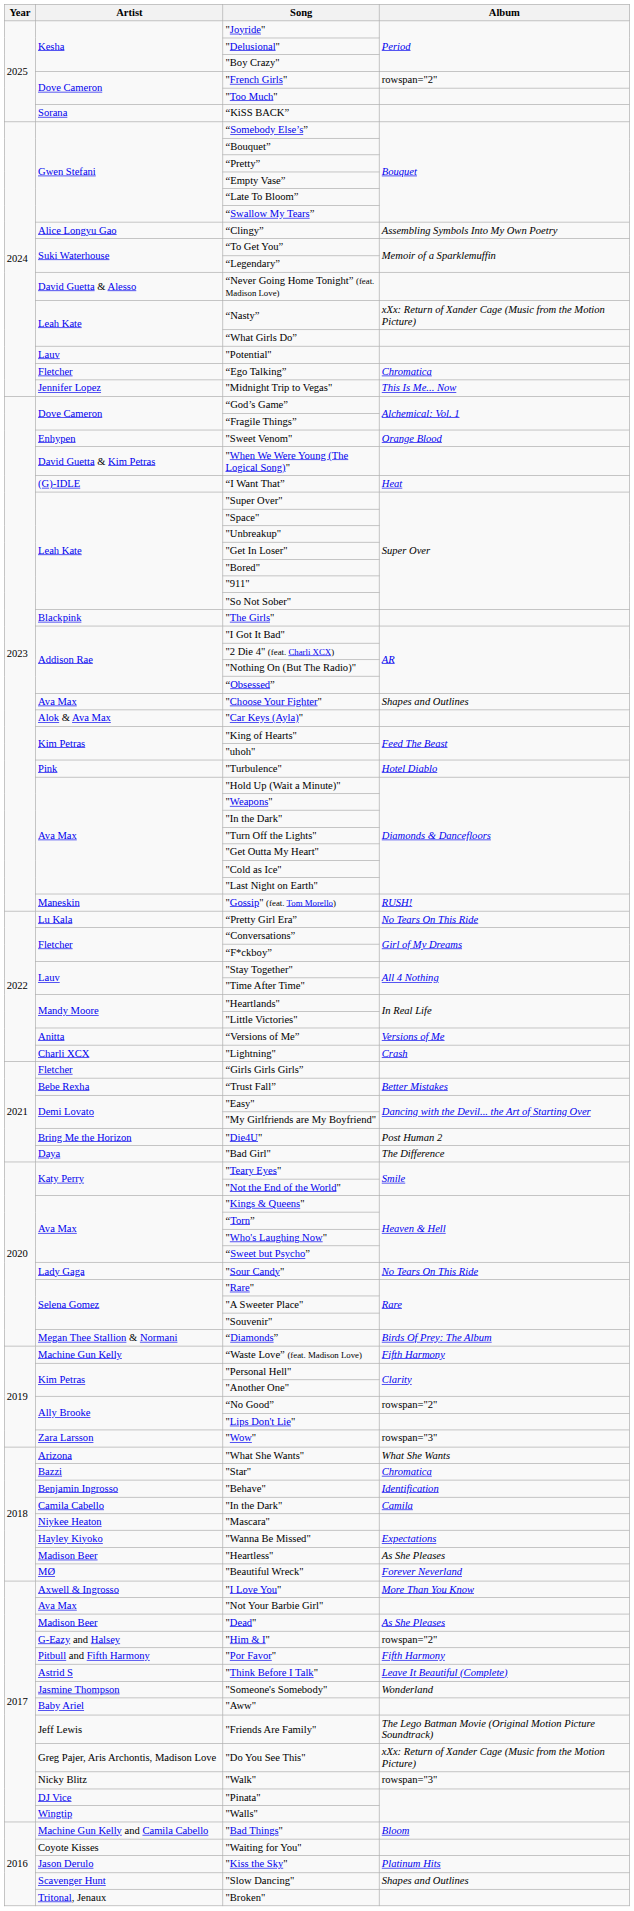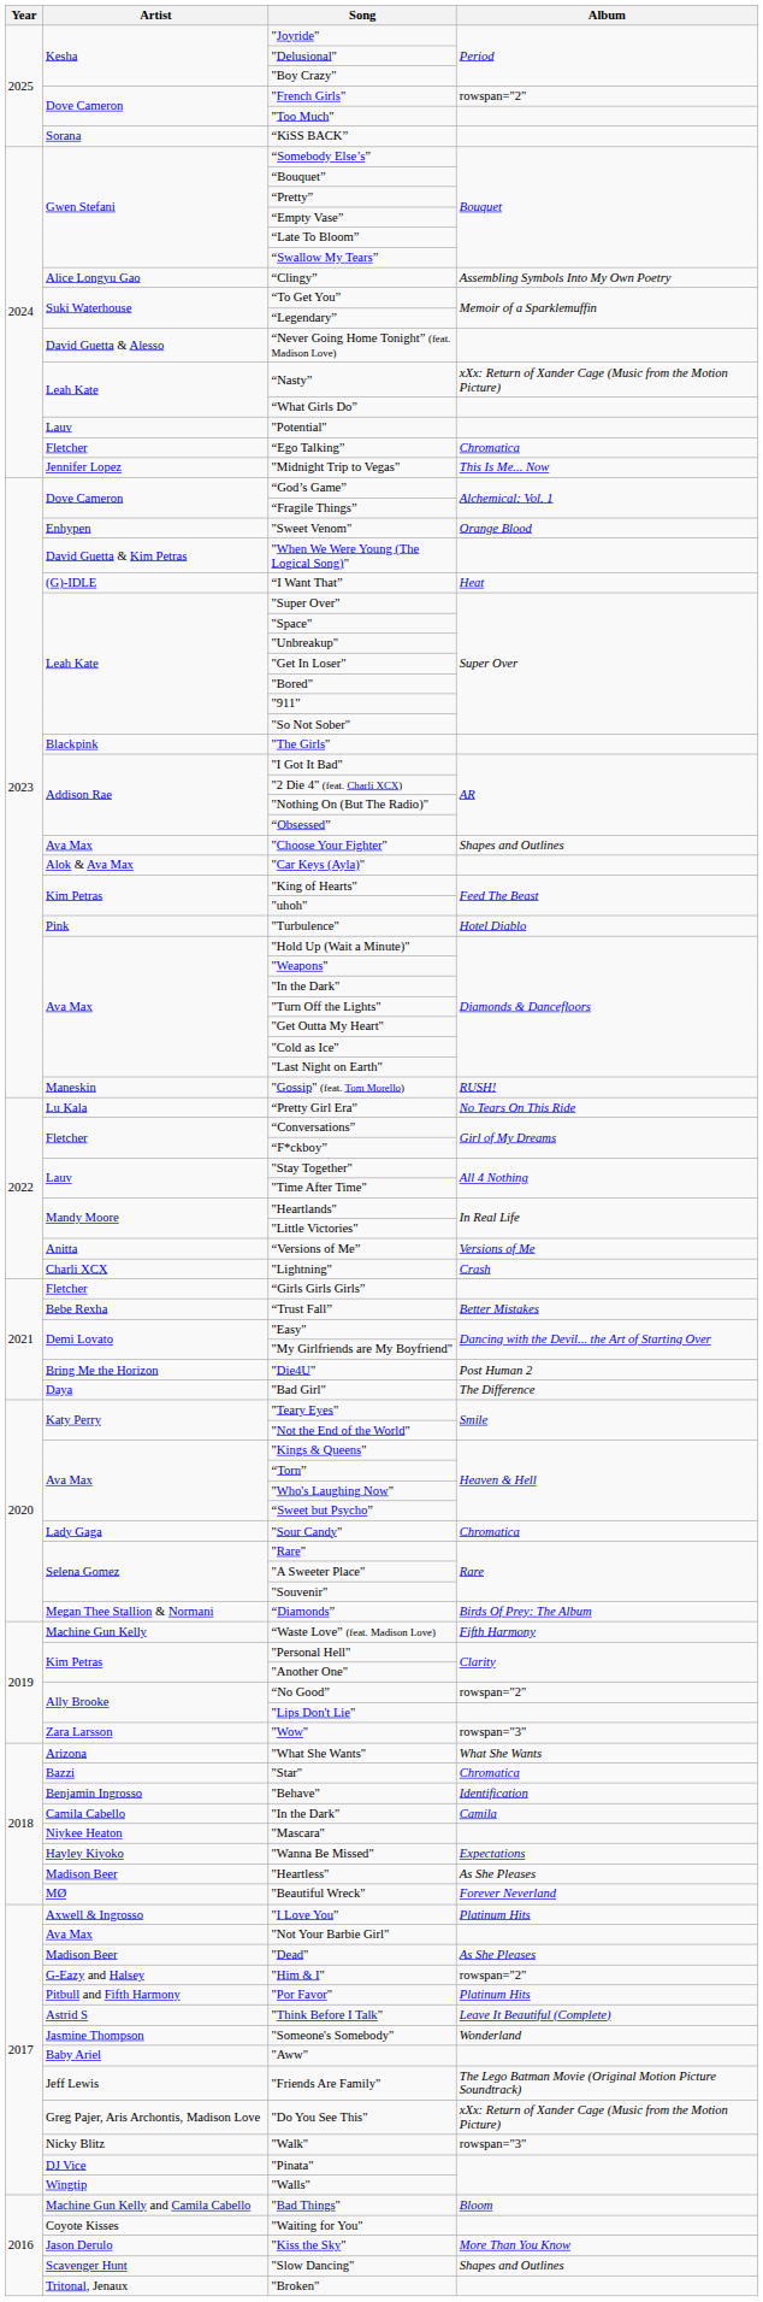 <table style="width: 75%;" class="wikitable">
 <tr>
 <th style=width:5%>Year</th>
 <th style=width:30%>Artist</th>
 <th style=width:25%>Song</th>
 <th style=width:40%>Album</th>
 </tr>
 <tr>
 <td rowspan="6">2025</td>
 <td rowspan="3"><a href='#'>Kesha</a></td>
 <td>"<a href='#'>Joyride</a>"</td>
 <td rowspan="3"><em><a href='#'>Period</a></em></td>
 </tr>
 <tr>
 <td>"<a href='#'>Delusional</a>"</td>
 </tr>
 <tr>
 <td>"Boy Crazy"</td>
 </tr>
 <tr>
 <td rowspan="2"><a href='#'>Dove Cameron</a></td>
 <td>"<a href='#'>French Girls</a>"</td>
 <td>rowspan="2" </td>
 </tr>
 <tr>
 <td>"<a href='#'>Too Much</a>"</td>
 </tr>
 <tr>
 <td><a href='#'>Sorana</a></td>
 <td>“KiSS BACK”</td>
 <td></td>
 </tr>
 <tr>
 <td rowspan="15”">2024</td>
 <td rowspan="6"><a href='#'>Gwen Stefani</a></td>
 <td>“<a href='#'>Somebody Else’s</a>”</td>
 <td rowspan="6"><em><a href='#'>Bouquet</a></em></td>
 </tr>
 <tr>
 <td>“Bouquet”</td>
 </tr>
 <tr>
 <td>“Pretty”</td>
 </tr>
 <tr>
 <td>“Empty Vase”</td>
 </tr>
 <tr>
 <td>“Late To Bloom”</td>
 </tr>
 <tr>
 <td>“<a href='#'>Swallow My Tears</a>”</td>
 </tr>
 <tr>
 <td><a href='#'>Alice Longyu Gao</a></td>
 <td>“Clingy”</td>
 <td><em>Assembling Symbols Into My Own Poetry</em></td>
 </tr>
 <tr>
 <td rowspan="2"><a href='#'>Suki Waterhouse</a></td>
 <td>“To Get You”</td>
 <td rowspan="2"><em>Memoir of a Sparklemuffin</em></td>
 </tr>
 <tr>
 <td>“Legendary”</td>
 </tr>
 <tr>
 <td><a href='#'>David Guetta</a> & <a href='#'>Alesso</a></td>
 <td>“Never Going Home Tonight” <small>(feat. Madison Love)</small></td>
 <td></td>
 </tr>
 <tr>
 <td rowspan="2"><a href='#'>Leah Kate</a></td>
 <td>“Nasty”</td>
 <td><em>xXx: Return of Xander Cage (Music from the Motion Picture)</em></td>
 </tr>
 <tr>
 <td>“What Girls Do”</td>
 </tr>
 <tr>
 <td><a href='#'>Lauv</a></td>
 <td>"Potential"</td>
 <td></td>
 </tr>
 <tr>
 <td><a href='#'>Fletcher</a></td>
 <td>“Ego Talking”</td>
 <td><em><a href='#'>Chromatica</a></em></td>
 </tr>
 <tr>
 <td><a href='#'>Jennifer Lopez</a></td>
 <td>"Midnight Trip to Vegas"</td>
 <td><em><a href='#'>This Is Me... Now</a></em></td>
 </tr>
 <tr>
 <td rowspan="30">2023</td>
 <td rowspan="2"><a href='#'>Dove Cameron</a></td>
 <td>“God’s Game”</td>
 <td rowspan="2"><a href='#'><em>Alchemical: Vol. 1</em></a></td>
 </tr>
 <tr>
 <td>“Fragile Things”</td>
 </tr>
 <tr>
 <td><a href='#'>Enhypen</a></td>
 <td>"Sweet Venom"</td>
 <td><em><a href='#'>Orange Blood</a></em></td>
 </tr>
 <tr>
 <td><a href='#'>David Guetta</a> & <a href='#'>Kim Petras</a></td>
 <td>"<a href='#'>When We Were Young (The Logical Song)</a>"</td>
 <td></td>
 </tr>
 <tr>
 <td><a href='#'>(G)-IDLE</a></td>
 <td>“I Want That”</td>
 <td><em><a href='#'>Heat</a></em></td>
 </tr>
 <tr>
 <td rowspan="7"><a href='#'>Leah Kate</a></td>
 <td>"Super Over"</td>
 <td rowspan="7"><em>Super Over</em></td>
 </tr>
 <tr>
 <td>"Space"</td>
 </tr>
 <tr>
 <td>"Unbreakup"</td>
 </tr>
 <tr>
 <td>"Get In Loser"</td>
 </tr>
 <tr>
 <td>"Bored"</td>
 </tr>
 <tr>
 <td>"911"</td>
 </tr>
 <tr>
 <td>"So Not Sober"</td>
 </tr>
 <tr>
 <td><a href='#'>Blackpink</a></td>
 <td>"<a href='#'>The Girls</a>"</td>
 <td></td>
 </tr>
 <tr>
 <td rowspan="4"><a href='#'>Addison Rae</a></td>
 <td>"I Got It Bad"</td>
 <td rowspan="4"><a href='#'><em>AR</em></a></td>
 </tr>
 <tr>
 <td>"2 Die 4" <small>(feat. <a href='#'>Charli XCX</a>)</small></td>
 </tr>
 <tr>
 <td>"Nothing On (But The Radio)"</td>
 </tr>
 <tr>
 <td>“<a href='#'>Obsessed</a>”</td>
 </tr>
 <tr>
 <td><a href='#'>Ava Max</a></td>
 <td>"<a href='#'>Choose Your Fighter</a>"</td>
 <td><em>Shapes and Outlines</em></td>
 </tr>
 <tr>
 <td><a href='#'>Alok</a> & <a href='#'>Ava Max</a></td>
 <td>"<a href='#'>Car Keys (Ayla)</a>"</td>
 <td></td>
 </tr>
 <tr>
 <td rowspan="2"><a href='#'>Kim Petras</a></td>
 <td>"King of Hearts"</td>
 <td rowspan="2"><a href='#'><em>Feed The Beast</em></a></td>
 </tr>
 <tr>
 <td>"uhoh"</td>
 </tr>
 <tr>
 <td><a href='#'>Pink</a></td>
 <td>"Turbulence"</td>
 <td><em><a href='#'>Hotel Diablo</a></em></td>
 </tr>
 <tr>
 <td rowspan="7"><a href='#'>Ava Max</a></td>
 <td>"Hold Up (Wait a Minute)"</td>
 <td rowspan="7"><em><a href='#'>Diamonds & Dancefloors</a></em></td>
 </tr>
 <tr>
 <td>"<a href='#'>Weapons</a>"</td>
 </tr>
 <tr>
 <td>"In the Dark"</td>
 </tr>
 <tr>
 <td>"Turn Off the Lights"</td>
 </tr>
 <tr>
 <td>"Get Outta My Heart"</td>
 </tr>
 <tr>
 <td>"Cold as Ice"</td>
 </tr>
 <tr>
 <td>"Last Night on Earth"</td>
 </tr>
 <tr>
 <td><a href='#'>Maneskin</a></td>
 <td>"<a href='#'>Gossip</a>" <small>(feat. <a href='#'>Tom Morello</a>)</small></td>
 <td><em><a href='#'>RUSH!</a></em></td>
 </tr>
 <tr>
 <td rowspan="9">2022</td>
 <td><a href='#'>Lu Kala</a></td>
 <td>“Pretty Girl Era”</td>
 <td><a href='#'><em>No Tears On This Ride</em></a></td>
 </tr>
 <tr>
 <td rowspan="2"><a href='#'>Fletcher</a></td>
 <td>“Conversations”</td>
 <td rowspan="2"><a href='#'><em>Girl of My Dreams</em></a></td>
 </tr>
 <tr>
 <td>“F*ckboy”</td>
 </tr>
 <tr>
 <td rowspan="2"><a href='#'>Lauv</a></td>
 <td>"Stay Together"</td>
 <td rowspan="2"><em><a href='#'>All 4 Nothing</a></em></td>
 </tr>
 <tr>
 <td>"Time After Time"</td>
 </tr>
 <tr>
 <td rowspan="2"><a href='#'>Mandy Moore</a></td>
 <td>"Heartlands"</td>
 <td rowspan="2"><em>In Real Life</em></td>
 </tr>
 <tr>
 <td>"Little Victories"</td>
 </tr>
 <tr>
 <td><a href='#'>Anitta</a></td>
 <td>“Versions of Me”</td>
 <td><em><a href='#'>Versions of Me</a></em></td>
 </tr>
 <tr>
 <td><a href='#'>Charli XCX</a></td>
 <td>"Lightning"</td>
 <td><a href='#'><em>Crash</em></a></td>
 </tr>
 <tr>
 <td rowspan="6">2021</td>
 <td><a href='#'>Fletcher</a></td>
 <td>“Girls Girls Girls”</td>
 <td></td>
 </tr>
 <tr>
 <td><a href='#'>Bebe Rexha</a></td>
 <td>“Trust Fall”</td>
 <td><em><a href='#'>Better Mistakes</a></em></td>
 </tr>
 <tr>
 <td rowspan="2"><a href='#'>Demi Lovato</a></td>
 <td>"Easy"<br></td>
 <td rowspan="2"><em><a href='#'>Dancing with the Devil... the Art of Starting Over</a></em></td>
 </tr>
 <tr>
 <td>"My Girlfriends are My Boyfriend"<br></td>
 </tr>
 <tr>
 <td><a href='#'>Bring Me the Horizon</a></td>
 <td>"<a href='#'>Die4U</a>"</td>
 <td><em>Post Human 2</em></td>
 </tr>
 <tr>
 <td><a href='#'>Daya</a></td>
 <td>"Bad Girl"</td>
 <td><em>The Difference</em></td>
 </tr>
 <tr>
 <td rowspan="11">2020</td>
 <td rowspan="2"><a href='#'>Katy Perry</a></td>
 <td>"<a href='#'>Teary Eyes</a>"</td>
 <td rowspan="2"><em><a href='#'>Smile</a></em></td>
 </tr>
 <tr>
 <td>"<a href='#'>Not the End of the World</a>"</td>
 </tr>
 <tr>
 <td rowspan="4"><a href='#'>Ava Max</a></td>
 <td>"<a href='#'>Kings & Queens</a>"</td>
 <td rowspan="4"><em><a href='#'>Heaven & Hell</a></em></td>
 </tr>
 <tr>
 <td>“<a href='#'>Torn</a>”</td>
 </tr>
 <tr>
 <td>"<a href='#'>Who's Laughing Now</a>"</td>
 </tr>
 <tr>
 <td>“<a href='#'>Sweet but Psycho</a>”</td>
 </tr>
 <tr>
 <td><a href='#'>Lady Gaga</a></td>
 <td>"<a href='#'>Sour Candy</a>"<br></td>
-<td><a href='#'><em>No Tears On This Ride</em></a></td>
+<td><em><a href='#'>Chromatica</a></em></td>
 </tr>
 <tr>
 <td rowspan="3"><a href='#'>Selena Gomez</a></td>
 <td>"<a href='#'>Rare</a>"</td>
 <td rowspan="3"><em><a href='#'>Rare</a></em></td>
 </tr>
 <tr>
 <td>"A Sweeter Place"<br></td>
 </tr>
 <tr>
 <td>"Souvenir"</td>
 </tr>
 <tr>
 <td><a href='#'>Megan Thee Stallion</a> & <a href='#'>Normani</a></td>
 <td>“<a href='#'>Diamonds</a>”</td>
 <td><a href='#'><em>Birds Of Prey: The Album</em></a></td>
 </tr>
 <tr>
 <td rowspan="6">2019</td>
 <td><a href='#'>Machine Gun Kelly</a></td>
 <td>“Waste Love” <small>(feat. Madison Love)</small></td>
 <td><em><a href='#'>Fifth Harmony</a></em></td>
 </tr>
 <tr>
 <td rowspan="2"><a href='#'>Kim Petras</a></td>
 <td>"Personal Hell"</td>
 <td rowspan="2"><em><a href='#'>Clarity</a></em></td>
 </tr>
 <tr>
 <td>"Another One"</td>
 </tr>
 <tr>
 <td rowspan="2"><a href='#'>Ally Brooke</a></td>
 <td>“No Good”</td>
 <td>rowspan="2" </td>
 </tr>
 <tr>
 <td>"<a href='#'>Lips Don't Lie</a>"<br></td>
 </tr>
 <tr>
 <td><a href='#'>Zara Larsson</a></td>
 <td>"<a href='#'>Wow</a>"</td>
 <td>rowspan="3" </td>
 </tr>
 <tr>
 <td rowspan="8">2018</td>
 <td><a href='#'>Arizona</a></td>
 <td>"What She Wants"</td>
 <td><em>What She Wants</em></td>
 </tr>
 <tr>
 <td><a href='#'>Bazzi</a></td>
 <td>"Star"</td>
 <td><em><a href='#'>Chromatica</a></em></td>
 </tr>
 <tr>
 <td><a href='#'>Benjamin Ingrosso</a></td>
 <td>"Behave"</td>
 <td><em><a href='#'>Identification</a></em></td>
 </tr>
 <tr>
 <td><a href='#'>Camila Cabello</a></td>
 <td>"In the Dark"</td>
 <td><em><a href='#'>Camila</a></em></td>
 </tr>
 <tr>
 <td><a href='#'>Niykee Heaton</a></td>
 <td>"Mascara"</td>
 <td></td>
 </tr>
 <tr>
 <td><a href='#'>Hayley Kiyoko</a></td>
 <td>"Wanna Be Missed"</td>
 <td><em><a href='#'>Expectations</a></em></td>
 </tr>
 <tr>
 <td><a href='#'>Madison Beer</a></td>
 <td>"Heartless"</td>
 <td><em>As She Pleases</em></td>
 </tr>
 <tr>
 <td><a href='#'>MØ</a></td>
 <td>"Beautiful Wreck"</td>
 <td><em><a href='#'>Forever Neverland</a></em></td>
 </tr>
 <tr>
 <td rowspan=13>2017</td>
 <td><a href='#'>Axwell & Ingrosso</a></td>
 <td>"<a href='#'>I Love You</a>"</td>
-<td><em><a href='#'>More Than You Know</a></em></td>
+<td><em><a href='#'>Platinum Hits</a></em></td>
 </tr>
 <tr>
 <td><a href='#'>Ava Max</a></td>
 <td>"Not Your Barbie Girl"</td>
 <td></td>
 </tr>
 <tr>
 <td><a href='#'>Madison Beer</a></td>
 <td>"<a href='#'>Dead</a>"</td>
 <td><em><a href='#'>As She Pleases</a></em></td>
 </tr>
 <tr>
 <td><a href='#'>G-Eazy</a> and <a href='#'>Halsey</a></td>
 <td>"<a href='#'>Him & I</a>"</td>
 <td>rowspan="2" </td>
 </tr>
 <tr>
 <td><a href='#'>Pitbull</a> and <a href='#'>Fifth Harmony</a></td>
 <td>"<a href='#'>Por Favor</a>"</td>
-<td><em><a href='#'>Fifth Harmony</a></em></td>
+<td><em><a href='#'>Platinum Hits</a></em></td>
 </tr>
 <tr>
 <td><a href='#'>Astrid S</a></td>
 <td>"<a href='#'>Think Before I Talk</a>"</td>
 <td rowspan="1"><em><a href='#'>Leave It Beautiful (Complete)</a></em></td>
 </tr>
 <tr>
 <td><a href='#'>Jasmine Thompson</a></td>
 <td>"Someone's Somebody"</td>
 <td><em>Wonderland</em></td>
 </tr>
 <tr>
 <td><a href='#'>Baby Ariel</a></td>
 <td>"Aww"</td>
 <td></td>
 </tr>
 <tr>
 <td>Jeff Lewis</td>
 <td>"Friends Are Family"</td>
 <td><em>The Lego Batman Movie (Original Motion Picture Soundtrack)</em></td>
 </tr>
 <tr>
 <td>Greg Pajer, Aris Archontis, Madison Love</td>
 <td>"Do You See This"</td>
 <td><em>xXx: Return of Xander Cage (Music from the Motion Picture)</em></td>
 </tr>
 <tr>
 <td>Nicky Blitz</td>
 <td>"Walk"</td>
 <td>rowspan="3" </td>
 </tr>
 <tr>
 <td><a href='#'>DJ Vice</a></td>
 <td>"Pinata"</td>
 </tr>
 <tr>
 <td><a href='#'>Wingtip</a></td>
 <td>"Walls"<br></td>
 </tr>
 <tr>
 <td rowspan=5>2016</td>
 <td><a href='#'>Machine Gun Kelly</a> and <a href='#'>Camila Cabello</a></td>
 <td>"<a href='#'>Bad Things</a>"</td>
 <td><em><a href='#'>Bloom</a></em></td>
 </tr>
 <tr>
 <td>Coyote Kisses</td>
 <td>"Waiting for You"<br></td>
 <td></td>
 </tr>
 <tr>
 <td><a href='#'>Jason Derulo</a></td>
 <td>"<a href='#'>Kiss the Sky</a>"</td>
-<td><em><a href='#'>Platinum Hits</a></em></td>
+<td><em><a href='#'>More Than You Know</a></em></td>
 </tr>
 <tr>
 <td><a href='#'>Scavenger Hunt</a></td>
 <td>"Slow Dancing"</td>
 <td><em>Shapes and Outlines</em></td>
 </tr>
 <tr>
 <td><a href='#'>Tritonal</a>, Jenaux</td>
 <td>"Broken"<br></td>
 <td></td>
 </tr>
 </table>
